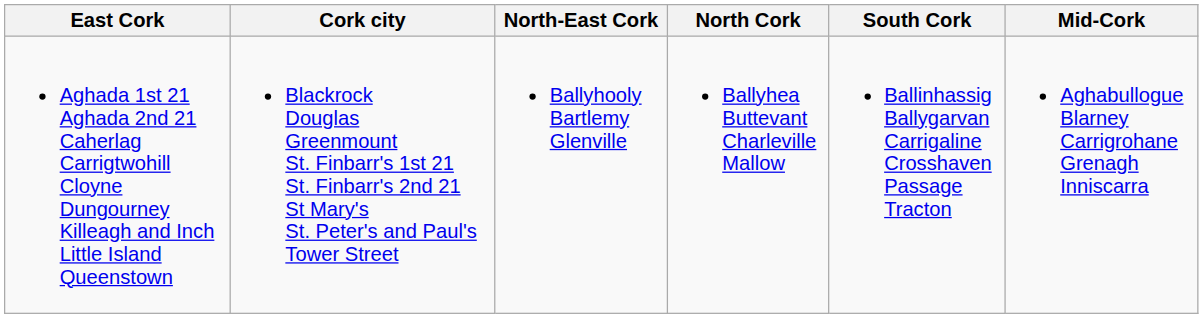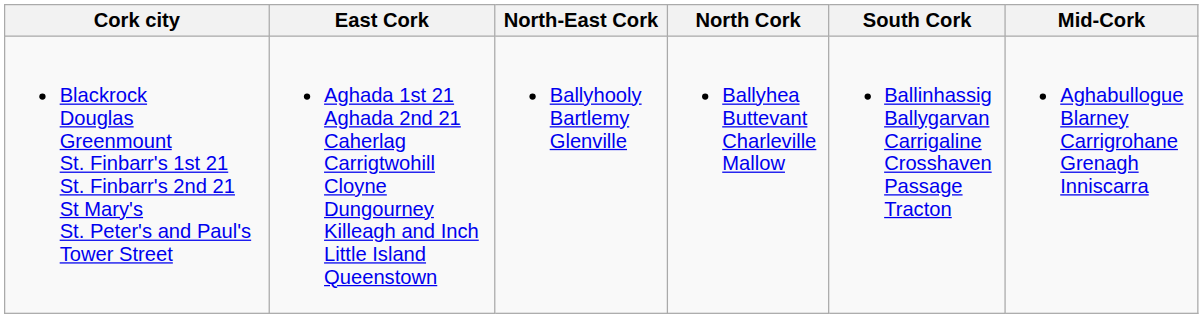 <table class="wikitable" width=75%>
 <tr>
+<th>Cork city</th>
 <th>East Cork</th>
-<th>Cork city</th>
 <th>North-East Cork</th>
 <th>North Cork</th>
 <th>South Cork</th>
 <th>Mid-Cork</th>
 </tr>
 <tr valign=top>
+<td><br><ul><li><a href='#'>Blackrock</a><br><a href='#'>Douglas</a><br><a href='#'>Greenmount</a><br><a href='#'>St. Finbarr's 1st 21</a><br><a href='#'>St. Finbarr's 2nd 21</a><br><a href='#'>St Mary's</a><br><a href='#'>St. Peter's and Paul's</a><br><a href='#'>Tower Street</a></li></ul></td>
 <td><br><ul><li><a href='#'>Aghada 1st 21</a><br><a href='#'>Aghada 2nd 21</a><br><a href='#'>Caherlag</a><br><a href='#'>Carrigtwohill</a><br><a href='#'>Cloyne</a><br><a href='#'>Dungourney</a><br><a href='#'>Killeagh and Inch</a><br><a href='#'>Little Island</a><br><a href='#'>Queenstown</a></li></ul></td>
-<td><br><ul><li><a href='#'>Blackrock</a><br><a href='#'>Douglas</a><br><a href='#'>Greenmount</a><br><a href='#'>St. Finbarr's 1st 21</a><br><a href='#'>St. Finbarr's 2nd 21</a><br><a href='#'>St Mary's</a><br><a href='#'>St. Peter's and Paul's</a><br><a href='#'>Tower Street</a></li></ul></td>
 <td><br><ul><li><a href='#'>Ballyhooly</a><br><a href='#'>Bartlemy</a><br><a href='#'>Glenville</a></li></ul></td>
 <td><br><ul><li><a href='#'>Ballyhea</a><br><a href='#'>Buttevant</a><br><a href='#'>Charleville</a><br><a href='#'>Mallow</a></li></ul></td>
 <td><br><ul><li><a href='#'>Ballinhassig</a><br><a href='#'>Ballygarvan</a><br><a href='#'>Carrigaline</a><br><a href='#'>Crosshaven</a><br><a href='#'>Passage</a><br><a href='#'>Tracton</a></li></ul></td>
 <td><br><ul><li><a href='#'>Aghabullogue</a><br><a href='#'>Blarney</a><br><a href='#'>Carrigrohane</a><br><a href='#'>Grenagh</a><br><a href='#'>Inniscarra</a></li></ul></td>
 </tr>
 </table>
